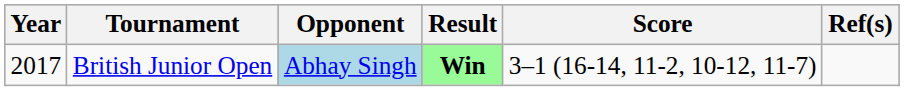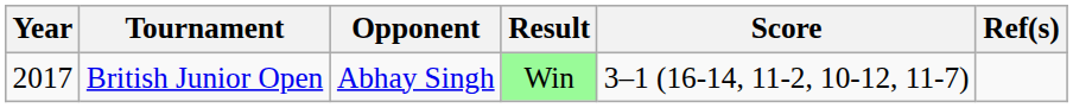 <table class="wikitable" style="text-align:center;">
 <tr>
 <th>Year</th>
 <th>Tournament</th>
 <th>Opponent</th>
 <th>Result</th>
 <th>Score</th>
 <th>Ref(s)</th>
 </tr>
 <tr>
 <td rowspan=2>2017</td>
 <td><a href='#'>British Junior Open</a></td>
-<td style="background: lightblue;"> <a href='#'>Abhay Singh</a></td>
-<td bgcolor="99FB98"><strong>Win</strong></td>
+<td> <a href='#'>Abhay Singh</a></td>
+<td bgcolor="99FB98">Win</td>
 <td>3–1 (16-14, 11-2, 10-12, 11-7)</td>
 <td></td>
 </tr>
 </table>
